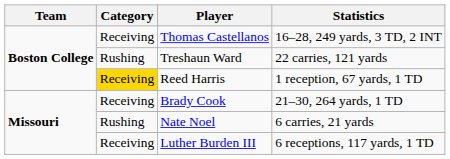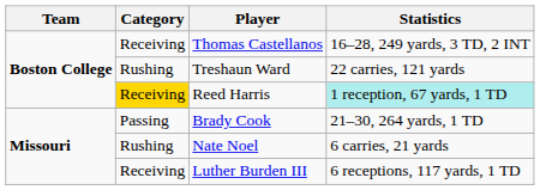 <table class="wikitable" style="float: right;">
 <tr>
 <th>Team</th>
 <th>Category</th>
 <th>Player</th>
 <th>Statistics</th>
 </tr>
 <tr>
 <td rowspan=3><strong>Boston College</strong></td>
 <td>Receiving</td>
 <td><a href='#'>Thomas Castellanos</a></td>
 <td>16–28, 249 yards, 3 TD, 2 INT</td>
 </tr>
 <tr>
 <td>Rushing</td>
 <td>Treshaun Ward</td>
 <td>22 carries, 121 yards</td>
 </tr>
 <tr>
 <td style="background: gold;">Receiving</td>
 <td>Reed Harris</td>
-<td>1 reception, 67 yards, 1 TD</td>
+<td style="background: paleturquoise;">1 reception, 67 yards, 1 TD</td>
 </tr>
 <tr>
 <td rowspan=3><strong>Missouri</strong></td>
-<td>Receiving</td>
+<td>Passing</td>
 <td><a href='#'>Brady Cook</a></td>
 <td>21–30, 264 yards, 1 TD</td>
 </tr>
 <tr>
 <td>Rushing</td>
 <td><a href='#'>Nate Noel</a></td>
 <td>6 carries, 21 yards</td>
 </tr>
 <tr>
 <td>Receiving</td>
 <td><a href='#'>Luther Burden III</a></td>
 <td>6 receptions, 117 yards, 1 TD</td>
 </tr>
 </table>
